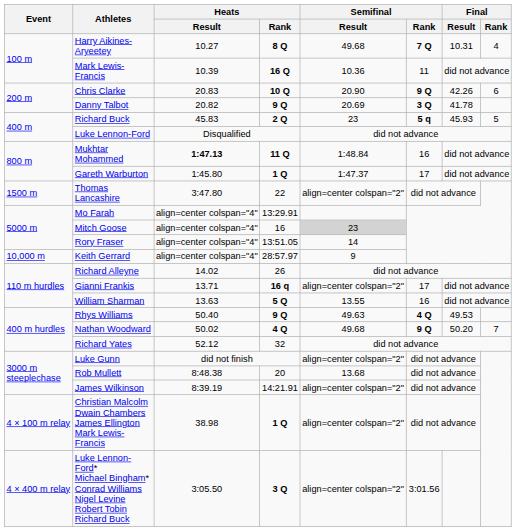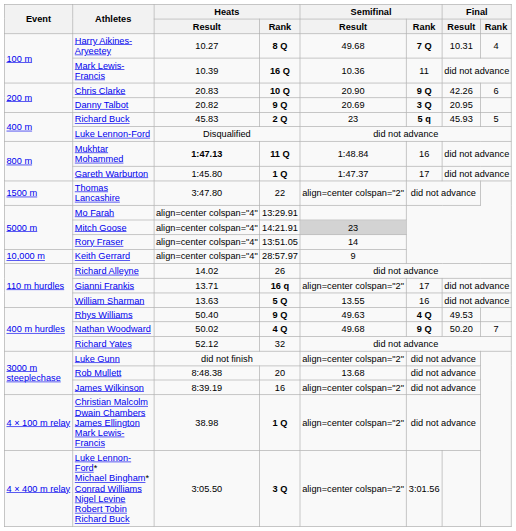 <table class="wikitable" border="1" style="font-size:90%">
 <tr>
 <th rowspan="2" width=100>Event</th>
 <th rowspan="2" width=120>Athletes</th>
 <th colspan="2">Heats</th>
 <th colspan="2">Semifinal</th>
 <th colspan="2">Final</th>
 </tr>
 <tr>
 <th>Result</th>
 <th>Rank</th>
 <th>Result</th>
 <th>Rank</th>
 <th>Result</th>
 <th>Rank</th>
 </tr>
 <tr>
 <td rowspan=2><a href='#'>100 m</a></td>
 <td><a href='#'>Harry Aikines-Aryeetey</a></td>
 <td align=center>10.27</td>
 <td align=center><strong>8 Q</strong></td>
 <td align=center>49.68</td>
 <td align=center><strong>7 Q</strong></td>
 <td align=center>10.31</td>
 <td align=center>4</td>
 </tr>
 <tr>
 <td><a href='#'>Mark Lewis-Francis</a></td>
 <td align=center>10.39</td>
 <td align=center><strong>16 Q</strong></td>
 <td align=center>10.36</td>
 <td align=center>11</td>
 <td align=center colspan="2">did not advance</td>
 </tr>
 <tr>
 <td rowspan=2><a href='#'>200 m</a></td>
 <td><a href='#'>Chris Clarke</a></td>
 <td align=center>20.83</td>
 <td align=center><strong>10 Q</strong></td>
 <td align=center>20.90</td>
 <td align=center><strong>9 Q</strong></td>
 <td align=center>42.26</td>
 <td align=center>6</td>
 </tr>
 <tr>
 <td><a href='#'>Danny Talbot</a></td>
 <td align=center>20.82</td>
 <td align=center><strong>9 Q</strong></td>
 <td align=center>20.69</td>
 <td align=center><strong>3 Q</strong></td>
-<td align=center>41.78</td>
+<td align=center>20.95</td>
 <td align=center></td>
 </tr>
 <tr>
 <td rowspan=2><a href='#'>400 m</a></td>
 <td><a href='#'>Richard Buck</a></td>
 <td align=center>45.83</td>
 <td align=center><strong>2 Q</strong></td>
 <td align=center>23</td>
 <td align=center><strong>5 q</strong></td>
 <td align=center>45.93</td>
 <td align=center>5</td>
 </tr>
 <tr>
 <td><a href='#'>Luke Lennon-Ford</a></td>
 <td align=center colspan="2">Disqualified</td>
 <td align=center colspan="4">did not advance</td>
 </tr>
 <tr>
 <td rowspan=2><a href='#'>800 m</a></td>
 <td><a href='#'>Mukhtar Mohammed</a></td>
 <td align=center><strong>1:47.13</strong></td>
 <td align=center><strong>11 Q</strong></td>
 <td align=center>1:48.84</td>
 <td align=center>16</td>
 <td align=center colspan="2">did not advance</td>
 </tr>
 <tr>
 <td><a href='#'>Gareth Warburton</a></td>
 <td align=center>1:45.80</td>
 <td align=center><strong>1 Q</strong></td>
 <td align=center>1:47.37</td>
 <td align=center>17</td>
 <td align=center colspan="2">did not advance</td>
 </tr>
 <tr>
 <td><a href='#'>1500 m</a></td>
 <td><a href='#'>Thomas Lancashire</a></td>
 <td align=center>3:47.80</td>
 <td align=center>22</td>
 <td>align=center colspan="2" </td>
 <td align=center colspan="2">did not advance</td>
 </tr>
 <tr>
 <td rowspan=3><a href='#'>5000 m</a></td>
 <td><a href='#'>Mo Farah</a></td>
 <td>align=center colspan="4" </td>
 <td align=center>13:29.91</td>
 <td align=center></td>
 </tr>
 <tr>
 <td><a href='#'>Mitch Goose</a></td>
 <td>align=center colspan="4" </td>
-<td align=center>16</td>
+<td align=center>14:21.91</td>
 <td align=center style="background: lightgrey;">23</td>
 </tr>
 <tr>
 <td><a href='#'>Rory Fraser</a></td>
 <td>align=center colspan="4" </td>
 <td align=center>13:51.05</td>
 <td align=center>14</td>
 </tr>
 <tr>
 <td><a href='#'>10,000 m</a></td>
 <td><a href='#'>Keith Gerrard</a></td>
 <td>align=center colspan="4" </td>
 <td align=center>28:57.97</td>
 <td align=center>9</td>
 </tr>
 <tr>
 <td rowspan=3><a href='#'>110 m hurdles</a></td>
 <td><a href='#'>Richard Alleyne</a></td>
 <td align=center>14.02</td>
 <td align=center>26</td>
 <td align=center colspan="4">did not advance</td>
 </tr>
 <tr>
 <td><a href='#'>Gianni Frankis</a></td>
 <td align=center>13.71</td>
 <td align=center><strong>16 q</strong></td>
 <td>align=center colspan="2" </td>
 <td align=center>17</td>
 <td align=center colspan="2">did not advance</td>
 </tr>
 <tr>
 <td><a href='#'>William Sharman</a></td>
 <td align=center>13.63</td>
 <td align=center><strong>5 Q</strong></td>
 <td align=center>13.55</td>
 <td align=center>16</td>
 <td align=center colspan="2">did not advance</td>
 </tr>
 <tr>
 <td rowspan=3><a href='#'>400 m hurdles</a></td>
 <td><a href='#'>Rhys Williams</a></td>
 <td align=center>50.40</td>
 <td align=center><strong>9 Q</strong></td>
 <td align=center>49.63</td>
 <td align=center><strong>4 Q</strong></td>
 <td align=center>49.53</td>
 <td align=center></td>
 </tr>
 <tr>
 <td><a href='#'>Nathan Woodward</a></td>
 <td align=center>50.02</td>
 <td align=center><strong>4 Q</strong></td>
 <td align=center>49.68</td>
 <td align=center><strong>9 Q</strong></td>
 <td align=center>50.20</td>
 <td align=center>7</td>
 </tr>
 <tr>
 <td><a href='#'>Richard Yates</a></td>
 <td align=center>52.12</td>
 <td align=center>32</td>
 <td align=center colspan="4">did not advance</td>
 </tr>
 <tr>
 <td rowspan=3><a href='#'>3000 m steeplechase</a></td>
 <td><a href='#'>Luke Gunn</a></td>
 <td align=center colspan="2">did not finish</td>
 <td>align=center colspan="2" </td>
 <td align=center colspan="2">did not advance</td>
 </tr>
 <tr>
 <td><a href='#'>Rob Mullett</a></td>
 <td align=center>8:48.38</td>
 <td align=center>20</td>
 <td align=center>13.68</td>
 <td align=center colspan="2">did not advance</td>
 </tr>
 <tr>
 <td><a href='#'>James Wilkinson</a></td>
 <td align=center>8:39.19</td>
-<td align=center>14:21.91</td>
+<td align=center>16</td>
 <td>align=center colspan="2" </td>
 <td align=center colspan="2">did not advance</td>
 </tr>
 <tr>
 <td><a href='#'>4 × 100 m relay</a></td>
 <td><a href='#'>Christian Malcolm</a><br><a href='#'>Dwain Chambers</a><br><a href='#'>James Ellington</a><br><a href='#'>Mark Lewis-Francis</a></td>
 <td align=center>38.98</td>
 <td align=center><strong>1 Q</strong></td>
 <td>align=center colspan="2" </td>
 <td align=center colspan="2">did not advance</td>
 </tr>
 <tr>
 <td><a href='#'>4 × 400 m relay</a></td>
 <td><a href='#'>Luke Lennon-Ford</a>*<br><a href='#'>Michael Bingham</a>*<br><a href='#'>Conrad Williams</a><br><a href='#'>Nigel Levine</a><br><a href='#'>Robert Tobin</a><br><a href='#'>Richard Buck</a></td>
 <td align=center>3:05.50</td>
 <td align=center><strong>3 Q</strong></td>
 <td>align=center colspan="2" </td>
 <td align=center>3:01.56</td>
 <td align=center></td>
 </tr>
 </table>
